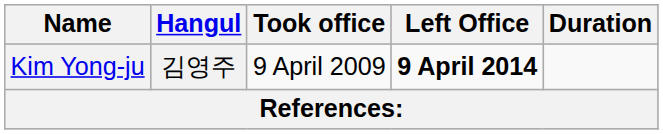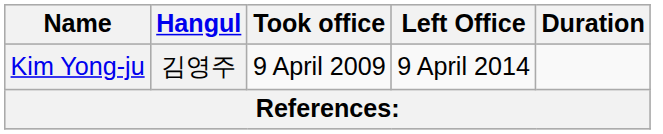 <table class="wikitable sortable">
 <tr>
 <th>Name</th>
 <th class="unsortable"><a href='#'>Hangul</a></th>
 <th>Took office</th>
 <th>Left Office</th>
 <th>Duration</th>
 </tr>
 <tr>
 <th align="center" scope="row" style="font-weight:normal;"><a href='#'>Kim Yong-ju</a></th>
 <th align="center" scope="row" style="font-weight:normal;">김영주</th>
 <td align="center">9 April 2009</td>
-<td align="center"><strong>9 April 2014</strong></td>
+<td align="center">9 April 2014</td>
 <td align="center"></td>
 </tr>
 <tr>
 <th colspan="5" unsortable><strong>References:</strong><br></th>
 </tr>
 </table>
